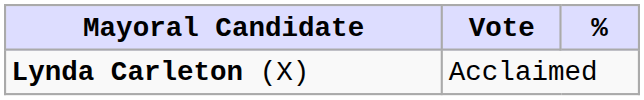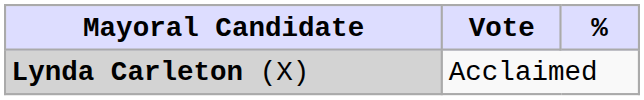 <table class="wikitable">
 <tr>
 <th style="background:#ddf; width:200px;">Mayoral Candidate</th>
 <th style="background:#ddf; width:50px;">Vote</th>
 <th style="background:#ddf; width:30px;">%</th>
 </tr>
 <tr>
-<td><strong>Lynda Carleton</strong> (X)</td>
+<td style="background: lightgrey;"><strong>Lynda Carleton</strong> (X)</td>
 <td colspan="2">Acclaimed</td>
 </tr>
 </table>
